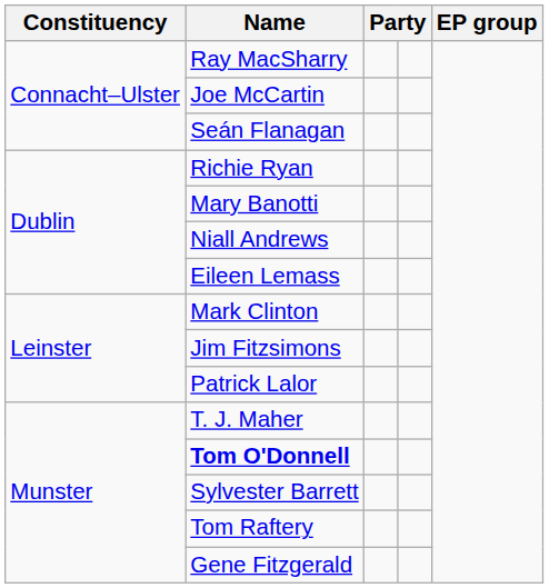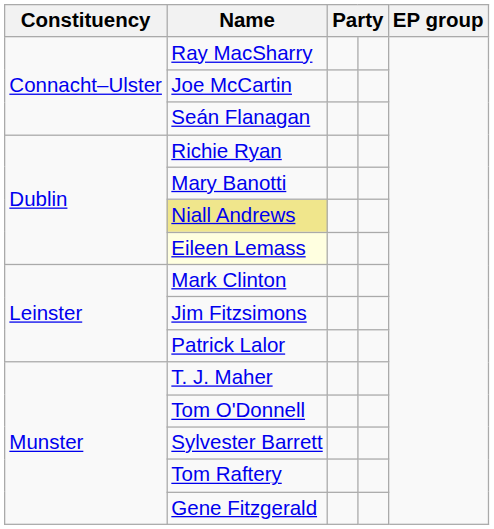 <table class=wikitable>
 <tr>
 <th>Constituency</th>
 <th>Name</th>
 <th colspan=2>Party</th>
 <th colspan=2>EP group</th>
 </tr>
 <tr>
 <td rowspan=3><a href='#'>Connacht–Ulster</a></td>
 <td><a href='#'>Ray MacSharry</a></td>
 <td></td>
 <td></td>
 </tr>
 <tr>
 <td><a href='#'>Joe McCartin</a></td>
 <td></td>
 <td></td>
 </tr>
 <tr>
 <td><a href='#'>Seán Flanagan</a></td>
 <td></td>
 <td></td>
 </tr>
 <tr>
 <td rowspan=4><a href='#'>Dublin</a></td>
 <td><a href='#'>Richie Ryan</a></td>
 <td></td>
 <td></td>
 </tr>
 <tr>
 <td><a href='#'>Mary Banotti</a></td>
 <td></td>
 <td></td>
 </tr>
 <tr>
-<td><a href='#'>Niall Andrews</a></td>
+<td style="background: khaki;"><a href='#'>Niall Andrews</a></td>
 <td></td>
 <td></td>
 </tr>
 <tr>
-<td><a href='#'>Eileen Lemass</a></td>
+<td style="background: lightyellow;"><a href='#'>Eileen Lemass</a></td>
 <td></td>
 <td></td>
 </tr>
 <tr>
 <td rowspan=3><a href='#'>Leinster</a></td>
 <td><a href='#'>Mark Clinton</a></td>
 <td></td>
 <td></td>
 </tr>
 <tr>
 <td><a href='#'>Jim Fitzsimons</a></td>
 <td></td>
 <td></td>
 </tr>
 <tr>
 <td><a href='#'>Patrick Lalor</a></td>
 <td></td>
 <td></td>
 </tr>
 <tr>
 <td rowspan=5><a href='#'>Munster</a></td>
 <td><a href='#'>T. J. Maher</a></td>
 <td></td>
 <td></td>
 </tr>
 <tr>
-<td><strong><a href='#'>Tom O'Donnell</a></strong></td>
+<td><a href='#'>Tom O'Donnell</a></td>
 <td></td>
 <td></td>
 </tr>
 <tr>
 <td><a href='#'>Sylvester Barrett</a></td>
 <td></td>
 <td></td>
 </tr>
 <tr>
 <td><a href='#'>Tom Raftery</a></td>
 <td></td>
 <td></td>
 </tr>
 <tr>
 <td><a href='#'>Gene Fitzgerald</a></td>
 <td></td>
 <td></td>
 </tr>
 </table>
